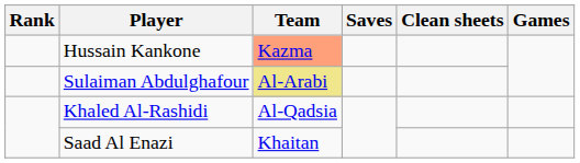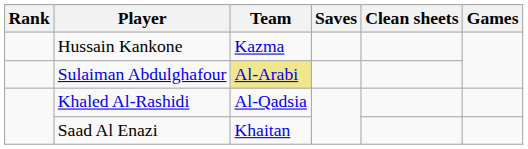 <table Class="wikitable">
 <tr>
 <th>Rank</th>
 <th>Player</th>
 <th>Team</th>
 <th>Saves</th>
 <th>Clean sheets</th>
 <th>Games</th>
 </tr>
 <tr>
 <td rowspan="1"></td>
 <td> Hussain Kankone</td>
-<td style="background: lightsalmon;"><a href='#'>Kazma</a></td>
+<td><a href='#'>Kazma</a></td>
 <td></td>
 <td rowspan="1"></td>
 <td rowspan="2"></td>
 </tr>
 <tr>
 <td rowspan="1"></td>
 <td> <a href='#'>Sulaiman Abdulghafour</a></td>
 <td style="background: khaki;"><a href='#'>Al-Arabi</a></td>
 <td rowspan="1"></td>
 <td rowspan="1"></td>
 </tr>
 <tr>
 <td rowspan="2"></td>
 <td> <a href='#'>Khaled Al-Rashidi</a></td>
 <td><a href='#'>Al-Qadsia</a></td>
 <td rowspan="2"></td>
 <td rowspan="1"></td>
 <td rowspan="1"></td>
 </tr>
 <tr>
 <td> Saad Al Enazi</td>
 <td><a href='#'>Khaitan</a></td>
 <td rowspan="1"></td>
 <td rowspan="1"></td>
 </tr>
 </table>
